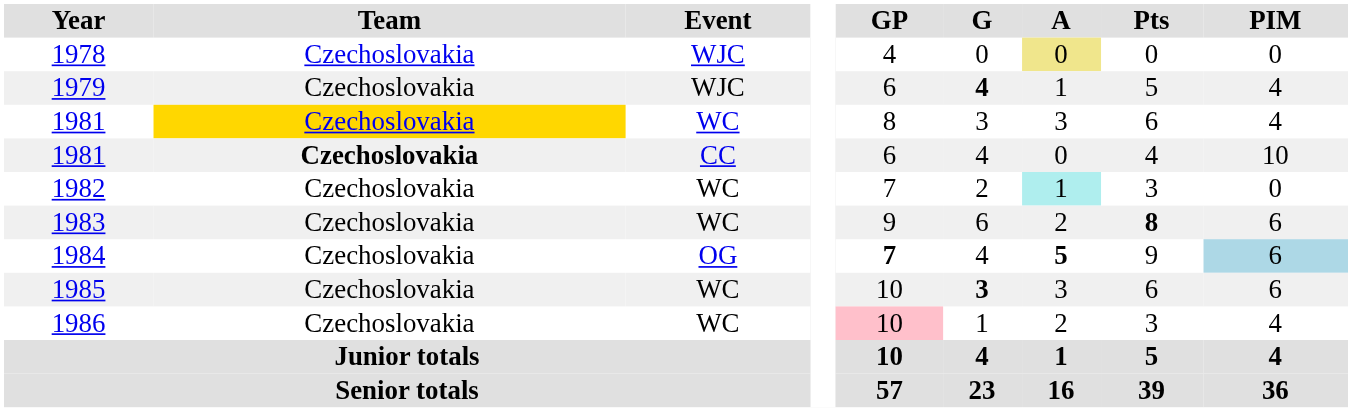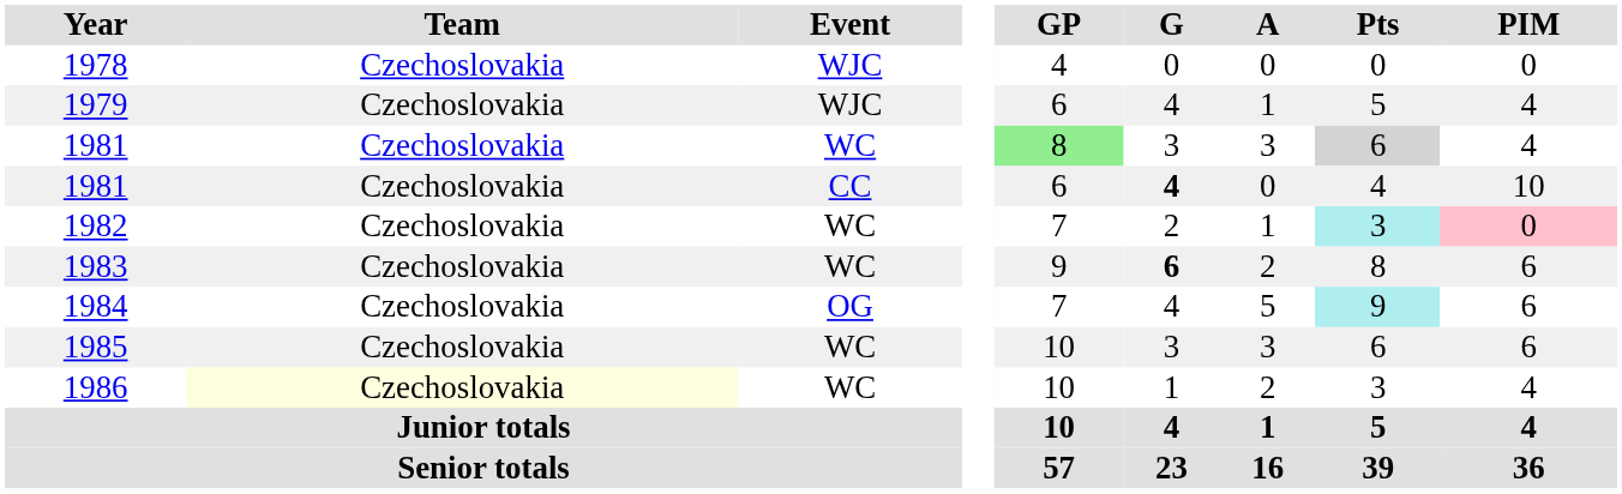 <table border="0" cellpadding="1" cellspacing="0" style="text-align:center; width:50em">
 <tr ALIGN="center" bgcolor="#e0e0e0">
 <th>Year</th>
 <th>Team</th>
 <th>Event</th>
 <th rowspan="99" bgcolor="#ffffff"> </th>
 <th>GP</th>
 <th>G</th>
 <th>A</th>
 <th>Pts</th>
 <th>PIM</th>
 </tr>
 <tr>
 <td><a href='#'>1978</a></td>
 <td><a href='#'>Czechoslovakia</a></td>
 <td><a href='#'>WJC</a></td>
 <td>4</td>
 <td>0</td>
-<td style="background: khaki;">0</td>
+<td>0</td>
 <td>0</td>
 <td>0</td>
 </tr>
 <tr bgcolor="#f0f0f0">
 <td><a href='#'>1979</a></td>
 <td>Czechoslovakia</td>
 <td>WJC</td>
 <td>6</td>
-<td><strong>4</strong></td>
+<td>4</td>
 <td>1</td>
 <td>5</td>
 <td>4</td>
 </tr>
 <tr>
 <td><a href='#'>1981</a></td>
-<td style="background: gold;"><a href='#'>Czechoslovakia</a></td>
+<td><a href='#'>Czechoslovakia</a></td>
 <td><a href='#'>WC</a></td>
-<td>8</td>
+<td style="background: lightgreen;">8</td>
 <td>3</td>
 <td>3</td>
-<td>6</td>
+<td style="background: lightgrey;">6</td>
 <td>4</td>
 </tr>
 <tr bgcolor="#f0f0f0">
 <td><a href='#'>1981</a></td>
-<td><strong>Czechoslovakia</strong></td>
+<td>Czechoslovakia</td>
 <td><a href='#'>CC</a></td>
 <td>6</td>
-<td>4</td>
+<td><strong>4</strong></td>
 <td>0</td>
 <td>4</td>
 <td>10</td>
 </tr>
 <tr>
 <td><a href='#'>1982</a></td>
 <td>Czechoslovakia</td>
 <td>WC</td>
 <td>7</td>
 <td>2</td>
-<td style="background: paleturquoise;">1</td>
-<td>3</td>
-<td>0</td>
+<td>1</td>
+<td style="background: paleturquoise;">3</td>
+<td style="background: pink;">0</td>
 </tr>
 <tr bgcolor="#f0f0f0">
 <td><a href='#'>1983</a></td>
 <td>Czechoslovakia</td>
 <td>WC</td>
 <td>9</td>
-<td>6</td>
+<td><strong>6</strong></td>
 <td>2</td>
-<td><strong>8</strong></td>
+<td>8</td>
 <td>6</td>
 </tr>
 <tr>
 <td><a href='#'>1984</a></td>
 <td>Czechoslovakia</td>
 <td><a href='#'>OG</a></td>
-<td><strong>7</strong></td>
+<td>7</td>
 <td>4</td>
-<td><strong>5</strong></td>
-<td>9</td>
-<td style="background: lightblue;">6</td>
+<td>5</td>
+<td style="background: paleturquoise;">9</td>
+<td>6</td>
 </tr>
 <tr bgcolor="#f0f0f0">
 <td><a href='#'>1985</a></td>
 <td>Czechoslovakia</td>
 <td>WC</td>
 <td>10</td>
-<td><strong>3</strong></td>
+<td>3</td>
 <td>3</td>
 <td>6</td>
 <td>6</td>
 </tr>
 <tr>
 <td><a href='#'>1986</a></td>
-<td>Czechoslovakia</td>
+<td style="background: lightyellow;">Czechoslovakia</td>
 <td>WC</td>
-<td style="background: pink;">10</td>
+<td>10</td>
 <td>1</td>
 <td>2</td>
 <td>3</td>
 <td>4</td>
 </tr>
 <tr bgcolor="#e0e0e0">
 <th colspan="3">Junior totals</th>
 <th>10</th>
 <th>4</th>
 <th>1</th>
 <th>5</th>
 <th>4</th>
 </tr>
 <tr bgcolor="#e0e0e0">
 <th colspan="3">Senior totals</th>
 <th>57</th>
 <th>23</th>
 <th>16</th>
 <th>39</th>
 <th>36</th>
 </tr>
 </table>
